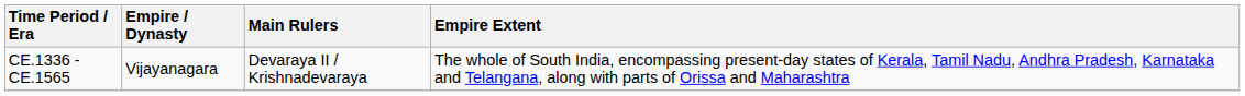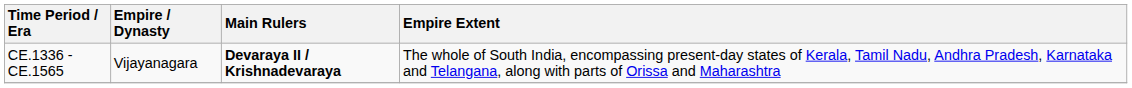 <table class="wikitable">
 <tr>
 <th style="text-align: left;">Time Period / Era</th>
 <th style="text-align: left;">Empire / Dynasty</th>
 <th style="text-align: left;">Main Rulers</th>
 <th style="text-align: left;">Empire Extent</th>
 </tr>
 <tr>
 <td>CE.1336 - CE.1565</td>
 <td>Vijayanagara</td>
-<td>Devaraya II / Krishnadevaraya</td>
+<td><strong>Devaraya II / Krishnadevaraya</strong></td>
 <td>The whole of South India, encompassing present-day states of <a href='#'>Kerala</a>, <a href='#'>Tamil Nadu</a>, <a href='#'>Andhra Pradesh</a>, <a href='#'>Karnataka</a> and <a href='#'>Telangana</a>, along with parts of <a href='#'>Orissa</a> and <a href='#'>Maharashtra</a></td>
 </tr>
 <tr>
 </tr>
 </table>
